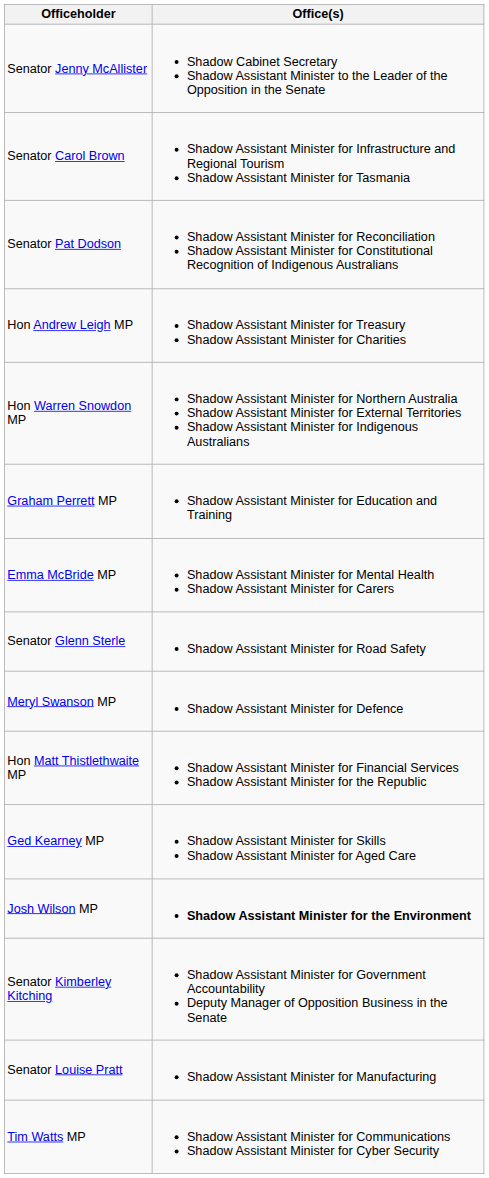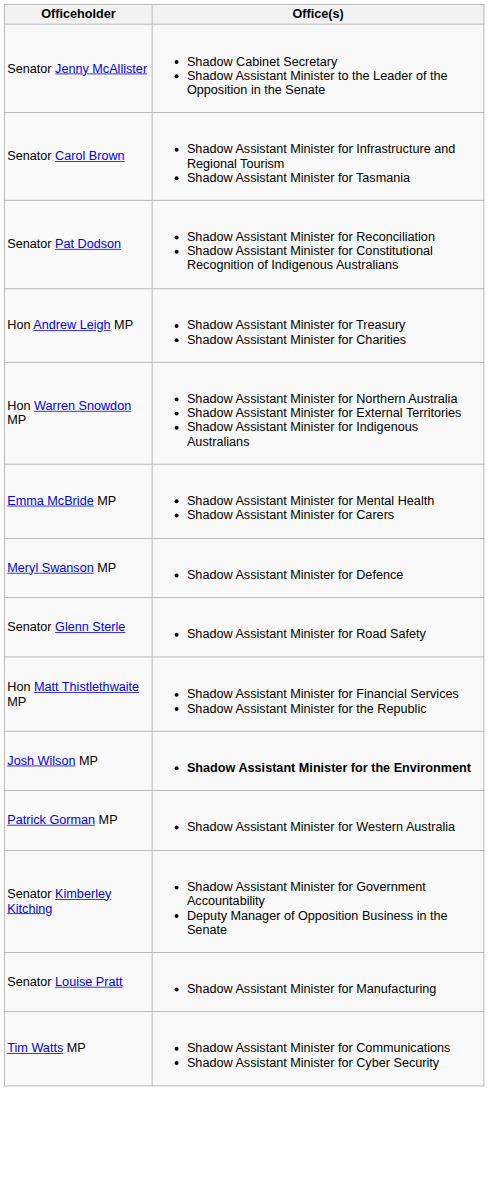 <table class="wikitable">
 <tr>
 <th style="width: 180px;">Officeholder</th>
 <th>Office(s)</th>
 </tr>
 <tr>
 <td>Senator <a href='#'>Jenny McAllister</a></td>
 <td><br><ul><li>Shadow Cabinet Secretary</li><li>Shadow Assistant Minister to the Leader of the Opposition in the Senate</li></ul></td>
 </tr>
 <tr>
 <td>Senator <a href='#'>Carol Brown</a></td>
 <td><br><ul><li>Shadow Assistant Minister for Infrastructure and Regional Tourism</li><li>Shadow Assistant Minister for Tasmania</li></ul></td>
 </tr>
 <tr>
 <td>Senator <a href='#'>Pat Dodson</a></td>
 <td><br><ul><li>Shadow Assistant Minister for Reconciliation</li><li>Shadow Assistant Minister for Constitutional Recognition of Indigenous Australians</li></ul></td>
 </tr>
 <tr>
 <td>Hon <a href='#'>Andrew Leigh</a> MP</td>
 <td><br><ul><li>Shadow Assistant Minister for Treasury</li><li>Shadow Assistant Minister for Charities</li></ul></td>
 </tr>
 <tr>
 <td>Hon <a href='#'>Warren Snowdon</a> MP</td>
 <td><br><ul><li>Shadow Assistant Minister for Northern Australia</li><li>Shadow Assistant Minister for External Territories</li><li>Shadow Assistant Minister for Indigenous Australians</li></ul></td>
 </tr>
 <tr>
-<td><a href='#'>Graham Perrett</a> MP</td>
-<td><br><ul><li>Shadow Assistant Minister for Education and Training</li></ul></td>
+<td><a href='#'>Emma McBride</a> MP</td>
+<td><br><ul><li>Shadow Assistant Minister for Mental Health</li><li>Shadow Assistant Minister for Carers</li></ul></td>
 </tr>
 <tr>
-<td><a href='#'>Emma McBride</a> MP</td>
-<td><br><ul><li>Shadow Assistant Minister for Mental Health</li><li>Shadow Assistant Minister for Carers</li></ul></td>
+<td><a href='#'>Meryl Swanson</a> MP</td>
+<td><br><ul><li>Shadow Assistant Minister for Defence</li></ul></td>
 </tr>
 <tr>
 <td>Senator <a href='#'>Glenn Sterle</a></td>
 <td><br><ul><li>Shadow Assistant Minister for Road Safety</li></ul></td>
 </tr>
 <tr>
-<td><a href='#'>Meryl Swanson</a> MP</td>
-<td><br><ul><li>Shadow Assistant Minister for Defence</li></ul></td>
-</tr>
-<tr>
 <td>Hon <a href='#'>Matt Thistlethwaite</a> MP</td>
 <td><br><ul><li>Shadow Assistant Minister for Financial Services</li><li>Shadow Assistant Minister for the Republic</li></ul></td>
 </tr>
 <tr>
-<td><a href='#'>Ged Kearney</a> MP</td>
-<td><br><ul><li>Shadow Assistant Minister for Skills</li><li>Shadow Assistant Minister for Aged Care</li></ul></td>
+<td><a href='#'>Josh Wilson</a> MP</td>
+<td><strong><br><ul><li>Shadow Assistant Minister for the Environment</li></ul></strong></td>
 </tr>
 <tr>
-<td><a href='#'>Josh Wilson</a> MP</td>
-<td><strong><br><ul><li>Shadow Assistant Minister for the Environment</li></ul></strong></td>
+<td><a href='#'>Patrick Gorman</a> MP</td>
+<td><br><ul><li>Shadow Assistant Minister for Western Australia</li></ul></td>
 </tr>
 <tr>
 <td>Senator <a href='#'>Kimberley Kitching</a></td>
 <td><br><ul><li>Shadow Assistant Minister for Government Accountability</li><li>Deputy Manager of Opposition Business in the Senate</li></ul></td>
 </tr>
 <tr>
 <td>Senator <a href='#'>Louise Pratt</a></td>
 <td><br><ul><li>Shadow Assistant Minister for Manufacturing</li></ul></td>
 </tr>
 <tr>
 <td><a href='#'>Tim Watts</a> MP</td>
 <td><br><ul><li>Shadow Assistant Minister for Communications</li><li>Shadow Assistant Minister for Cyber Security</li></ul></td>
 </tr>
 </table>
